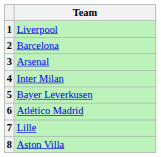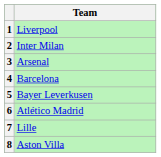 <table class="wikitable" style="white-space:nowrap; background-color:#BBF3BB">
 <tr>
 <th></th>
 <th style="width:210px">Team</th>
 </tr>
 <tr>
 <th>1</th>
 <td> <a href='#'>Liverpool</a></td>
 </tr>
 <tr>
 <th>2</th>
-<td> <a href='#'>Barcelona</a></td>
+<td> <a href='#'>Inter Milan</a></td>
 </tr>
 <tr>
 <th>3</th>
 <td> <a href='#'>Arsenal</a></td>
 </tr>
 <tr>
 <th>4</th>
-<td> <a href='#'>Inter Milan</a></td>
+<td> <a href='#'>Barcelona</a></td>
 </tr>
 <tr>
 <th>5</th>
 <td> <a href='#'>Bayer Leverkusen</a></td>
 </tr>
 <tr>
 <th>6</th>
 <td> <a href='#'>Atlético Madrid</a></td>
 </tr>
 <tr>
 <th>7</th>
 <td> <a href='#'>Lille</a></td>
 </tr>
 <tr>
 <th>8</th>
 <td> <a href='#'>Aston Villa</a></td>
 </tr>
 </table>
